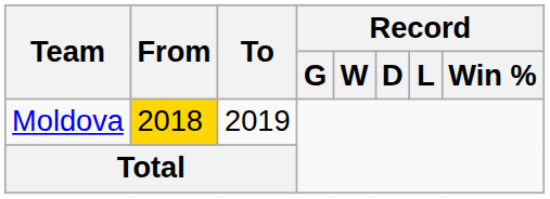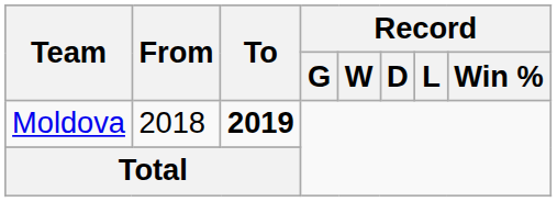 <table class="wikitable" style="text-align: center">
 <tr>
 <th rowspan="2">Team</th>
 <th rowspan="2">From</th>
 <th rowspan="2">To</th>
 <th colspan="5">Record</th>
 </tr>
 <tr>
 <th>G</th>
 <th>W</th>
 <th>D</th>
 <th>L</th>
 <th>Win %</th>
 </tr>
 <tr>
 <td align=left><a href='#'>Moldova</a></td>
-<td align=left style="background: gold;">2018</td>
-<td align=left>2019<br></td>
+<td align=left>2018</td>
+<td align=left><strong>2019<br></strong></td>
 </tr>
 <tr>
 <th colspan="3">Total<br></th>
 </tr>
 </table>
